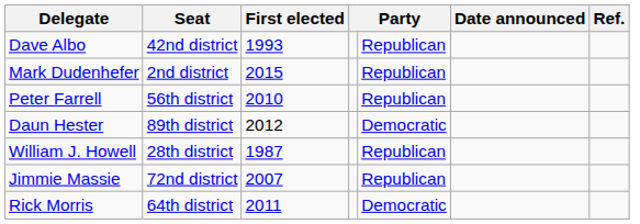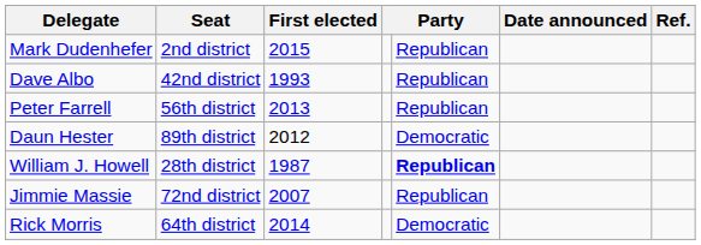 <table class="wikitable sortable" style="font-size:95%;">
 <tr>
 <th scope="col">Delegate</th>
 <th scope="col">Seat</th>
 <th scope="col">First elected</th>
 <th colspan="2" scope="col">Party</th>
 <th scope="col">Date announced</th>
 <th class="unsortable">Ref.</th>
+</tr>
+<tr>
+<td data-sort-value="Dudenhefer, Mark"><a href='#'>Mark Dudenhefer</a></td>
+<td data-sort-value="2"><a href='#'>2nd district</a></td>
+<td><a href='#'>2015</a></td>
+<td width="1"></td>
+<td><a href='#'>Republican</a></td>
+<td></td>
+<td></td>
 </tr>
 <tr>
 <td data-sort-value="Albo, Dave"><a href='#'>Dave Albo</a></td>
 <td data-sort-value="42"><a href='#'>42nd district</a></td>
 <td><a href='#'>1993</a></td>
 <td width="1"></td>
 <td><a href='#'>Republican</a></td>
 <td></td>
 <td></td>
 </tr>
 <tr>
-<td data-sort-value="Dudenhefer, Mark"><a href='#'>Mark Dudenhefer</a></td>
-<td data-sort-value="2"><a href='#'>2nd district</a></td>
-<td><a href='#'>2015</a></td>
-<td width="1"></td>
-<td><a href='#'>Republican</a></td>
-<td></td>
-<td></td>
-</tr>
-<tr>
 <td data-sort-value="Farrell, Peter"><a href='#'>Peter Farrell</a></td>
 <td data-sort-value="56"><a href='#'>56th district</a></td>
-<td><a href='#'>2010</a></td>
+<td><a href='#'>2013</a></td>
 <td width="1"></td>
 <td><a href='#'>Republican</a></td>
 <td></td>
 <td></td>
 </tr>
 <tr>
 <td data-sort-value="Hester, Daun"><a href='#'>Daun Hester</a></td>
 <td data-sort-value="89"><a href='#'>89th district</a></td>
 <td>2012</td>
 <td width="1"></td>
 <td><a href='#'>Democratic</a></td>
 <td></td>
 <td></td>
 </tr>
 <tr>
 <td data-sort-value="Howell, William J."><a href='#'>William J. Howell</a></td>
 <td data-sort-value="28"><a href='#'>28th district</a></td>
 <td><a href='#'>1987</a></td>
 <td width="1"></td>
-<td><a href='#'>Republican</a></td>
+<td><strong><a href='#'>Republican</a></strong></td>
 <td></td>
 <td></td>
 </tr>
 <tr>
 <td data-sort-value="Massie, Jimmie"><a href='#'>Jimmie Massie</a></td>
 <td data-sort-value="72"><a href='#'>72nd district</a></td>
 <td><a href='#'>2007</a></td>
 <td width="1"></td>
 <td><a href='#'>Republican</a></td>
 <td></td>
 <td></td>
 </tr>
 <tr>
 <td data-sort-value="Morris, Rick"><a href='#'>Rick Morris</a></td>
 <td data-sort-value="64"><a href='#'>64th district</a></td>
-<td><a href='#'>2011</a></td>
+<td><a href='#'>2014</a></td>
 <td width="1"></td>
 <td><a href='#'>Democratic</a></td>
 <td></td>
 <td></td>
 </tr>
 </table>
